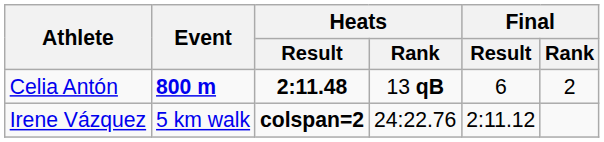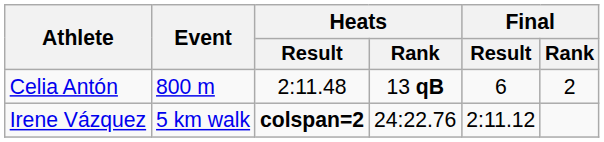 <table class="wikitable" style="font-size:90%">
 <tr>
 <th rowspan=2>Athlete</th>
 <th rowspan=2>Event</th>
 <th colspan=2>Heats</th>
 <th colspan=2>Final</th>
 </tr>
 <tr style="font-size:95%">
 <th>Result</th>
 <th>Rank</th>
 <th>Result</th>
 <th>Rank</th>
 </tr>
 <tr align=center>
 <td align=left><a href='#'>Celia Antón</a></td>
-<td align=left><strong><a href='#'>800 m</a></strong></td>
-<td><strong>2:11.48</strong></td>
+<td align=left><a href='#'>800 m</a></td>
+<td>2:11.48</td>
 <td>13 <strong>qB</strong></td>
 <td>6</td>
 <td>2</td>
 </tr>
 <tr align=center>
 <td align=left><a href='#'>Irene Vázquez</a></td>
 <td align=left><a href='#'>5 km walk</a></td>
 <td><strong>colspan=2 </strong></td>
 <td>24:22.76</td>
 <td>2:11.12</td>
 </tr>
 </table>
